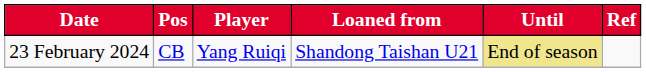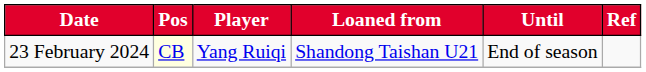 <table class="wikitable plainrowheaders sortable">
 <tr>
 <th style="background:#E1002C; color:#FFFFFF; border:1px solid #000000">Date</th>
 <th style="background:#E1002C; color:#FFFFFF; border:1px solid #000000">Pos</th>
 <th style="background:#E1002C; color:#FFFFFF; border:1px solid #000000">Player</th>
 <th style="background:#E1002C; color:#FFFFFF; border:1px solid #000000">Loaned from</th>
 <th style="background:#E1002C; color:#FFFFFF; border:1px solid #000000">Until</th>
 <th style="background:#E1002C; color:#FFFFFF; border:1px solid #000000">Ref</th>
 </tr>
 <tr>
 <td>23 February 2024</td>
-<td><a href='#'>CB</a></td>
+<td style="background: lightyellow;"><a href='#'>CB</a></td>
 <td data-sort-value="Yang, Ruiqi"> <a href='#'>Yang Ruiqi</a></td>
 <td> <a href='#'>Shandong Taishan U21</a></td>
-<td style="background: khaki;">End of season</td>
+<td>End of season</td>
 <td></td>
 </tr>
 <tr>
 </tr>
 </table>
